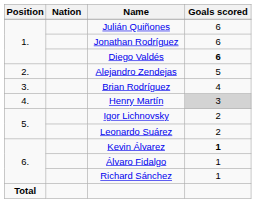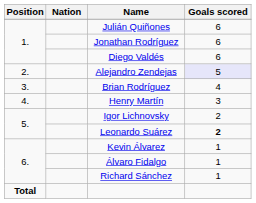 <table class="wikitable" style="font-size: 95%; text-align: center;">
 <tr>
 <th width="60">Position</th>
 <th width="60">Nation</th>
 <th width="150">Name</th>
 <th width="100">Goals scored</th>
 </tr>
 <tr>
 </tr>
 <tr>
 <td rowspan="3">1.</td>
 <td></td>
 <td><a href='#'>Julián Quiñones</a></td>
 <td>6</td>
 </tr>
 <tr>
 <td></td>
 <td><a href='#'>Jonathan Rodríguez</a></td>
 <td>6</td>
 </tr>
 <tr>
 <td></td>
 <td><a href='#'>Diego Valdés</a></td>
-<td><strong>6</strong></td>
+<td>6</td>
 </tr>
 <tr>
 <td>2.</td>
 <td></td>
 <td><a href='#'>Alejandro Zendejas</a></td>
-<td>5</td>
+<td style="background: lavender;">5</td>
 </tr>
 <tr>
 <td>3.</td>
 <td></td>
 <td><a href='#'>Brian Rodríguez</a></td>
 <td>4</td>
 </tr>
 <tr>
 <td>4.</td>
 <td></td>
 <td><a href='#'>Henry Martín</a></td>
-<td style="background: lightgrey;">3</td>
+<td>3</td>
 </tr>
 <tr>
 <td rowspan="2">5.</td>
 <td></td>
 <td><a href='#'>Igor Lichnovsky</a></td>
 <td>2</td>
 </tr>
 <tr>
 <td></td>
 <td><a href='#'>Leonardo Suárez</a></td>
-<td>2</td>
+<td><strong>2</strong></td>
 </tr>
 <tr>
 <td rowspan="3">6.</td>
 <td></td>
 <td><a href='#'>Kevin Álvarez</a></td>
-<td><strong>1</strong></td>
+<td>1</td>
 </tr>
 <tr>
 <td></td>
 <td><a href='#'>Álvaro Fidalgo</a></td>
 <td>1</td>
 </tr>
 <tr>
 <td></td>
 <td><a href='#'>Richard Sánchez</a></td>
 <td>1</td>
 </tr>
 <tr>
 <td><strong>Total</strong></td>
 <td></td>
 <td></td>
 <td></td>
 </tr>
 </table>
